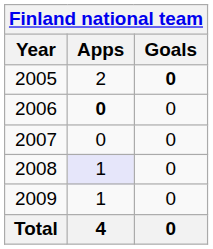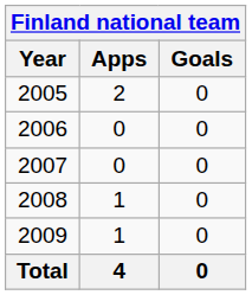 <table class="wikitable" style="text-align:center">
 <tr>
 <th colspan=3><a href='#'>Finland national team</a></th>
 </tr>
 <tr>
 <th>Year</th>
 <th>Apps</th>
 <th>Goals</th>
 </tr>
 <tr>
 <td>2005</td>
 <td>2</td>
-<td><strong>0</strong></td>
+<td>0</td>
 </tr>
 <tr>
 <td>2006</td>
-<td><strong>0</strong></td>
+<td>0</td>
 <td>0</td>
 </tr>
 <tr>
 <td>2007</td>
 <td>0</td>
 <td>0</td>
 </tr>
 <tr>
 <td>2008</td>
-<td style="background: lavender;">1</td>
+<td>1</td>
 <td>0</td>
 </tr>
 <tr>
 <td>2009</td>
 <td>1</td>
 <td>0</td>
 </tr>
 <tr>
 <th>Total</th>
 <th>4</th>
 <th>0</th>
 </tr>
 </table>
